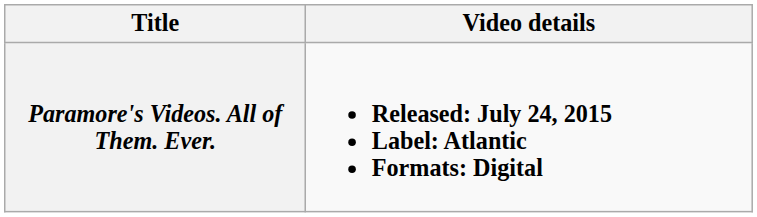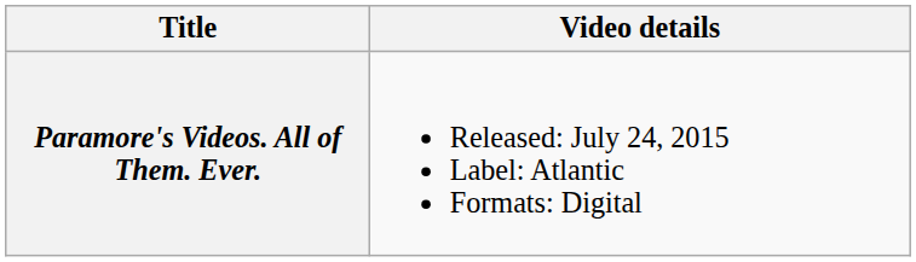 <table class="wikitable plainrowheaders" style="text-align:center;">
 <tr>
 <th scope="col" style="width:12em;">Title</th>
 <th scope="col" style="width:18em;">Video details</th>
 </tr>
 <tr>
 <th scope="row"><em>Paramore's Videos. All of Them. Ever.</em></th>
-<td style="text-align:left;"><strong><br><ul><li>Released: July 24, 2015</li><li>Label: Atlantic</li><li>Formats: Digital</li></ul></strong></td>
+<td style="text-align:left;"><br><ul><li>Released: July 24, 2015</li><li>Label: Atlantic</li><li>Formats: Digital</li></ul></td>
 </tr>
 </table>
